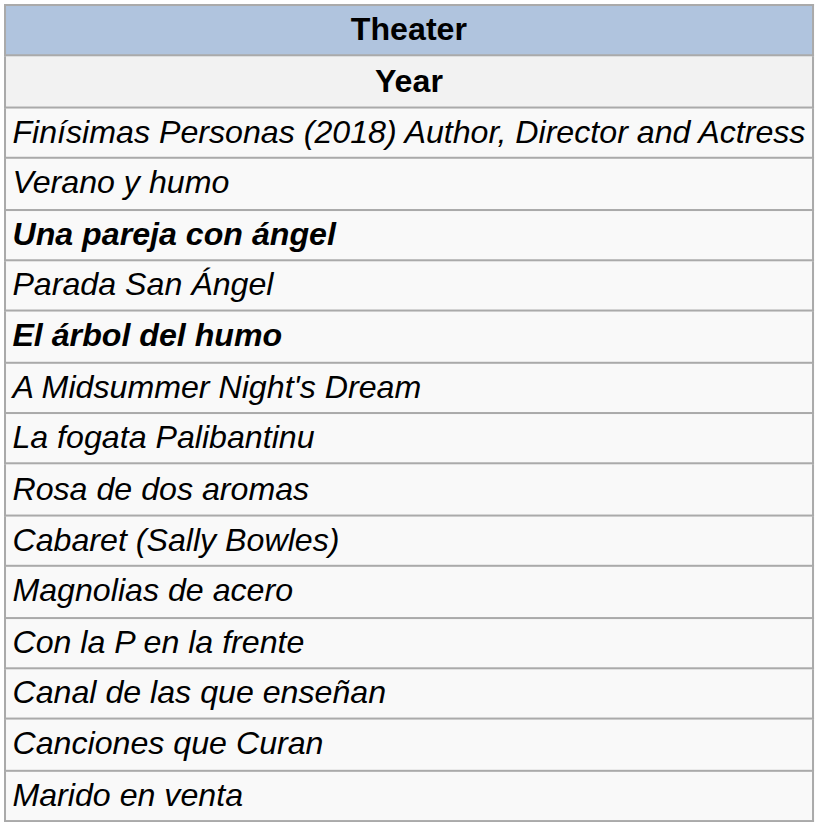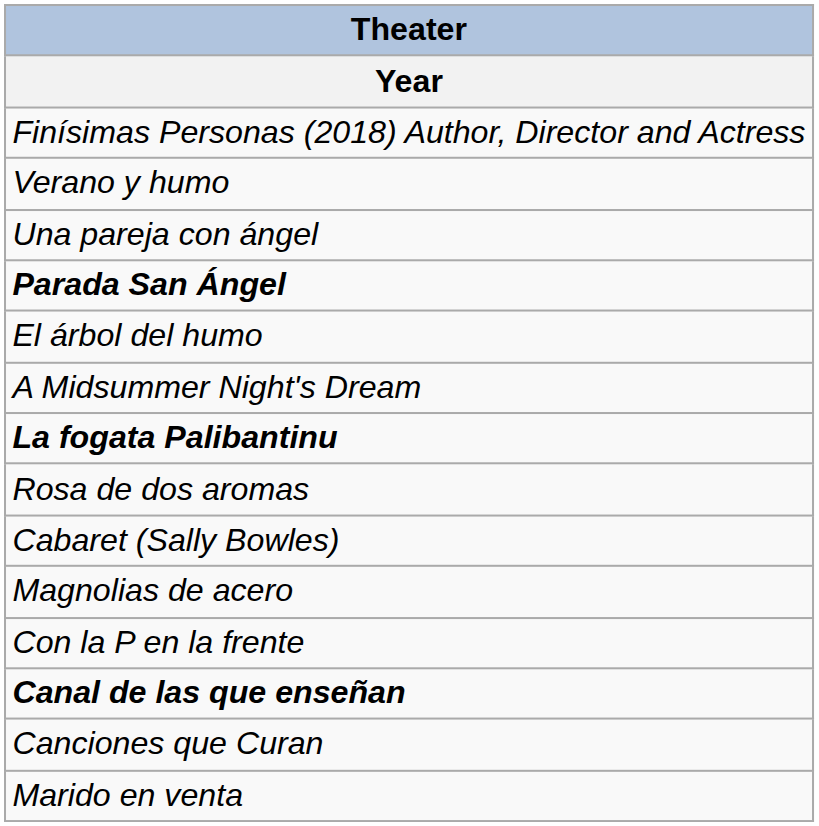 <table class="wikitable">
 <tr>
 <th colspan="2" style="background:LightSteelBlue;">Theater</th>
 </tr>
 <tr>
 <th>Year</th>
 </tr>
 <tr>
 <td><em>Finísimas Personas (2018) Author, Director and Actress</em></td>
 </tr>
 <tr>
 <td><em>Verano y humo</em></td>
 </tr>
 <tr>
-<td><strong><em> Una pareja con ángel</em></strong></td>
+<td><em> Una pareja con ángel</em></td>
 </tr>
 <tr>
-<td><em>Parada San Ángel</em></td>
+<td><strong><em>Parada San Ángel</em></strong></td>
 </tr>
 <tr>
-<td><strong><em>El árbol del humo</em></strong></td>
+<td><em>El árbol del humo</em></td>
 </tr>
 <tr>
 <td><em> A Midsummer Night's Dream</em></td>
 </tr>
 <tr>
-<td><em>La fogata Palibantinu</em></td>
+<td><strong><em>La fogata Palibantinu</em></strong></td>
 </tr>
 <tr>
 <td><em>Rosa de dos aromas</em></td>
 </tr>
 <tr>
 <td><em>Cabaret (Sally Bowles)</em></td>
 </tr>
 <tr>
 <td><em>Magnolias de acero</em></td>
 </tr>
 <tr>
 <td><em>Con la P en la frente </em></td>
 </tr>
 <tr>
-<td><em>Canal de las que enseñan</em></td>
+<td><strong><em>Canal de las que enseñan</em></strong></td>
 </tr>
 <tr>
 <td><em>Canciones que Curan </em></td>
 </tr>
 <tr>
 <td><em> Marido en venta</em></td>
 </tr>
 </table>
